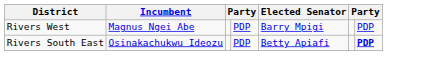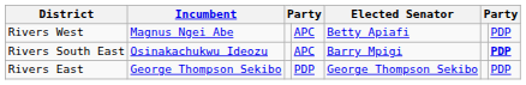 <table class="sortable wikitable" style="font-size:95%;line-height:14px;">
 <tr>
 <th class="unsortable">District</th>
 <th class="unsortable"><a href='#'>Incumbent</a></th>
 <th colspan="2">Party</th>
 <th class="unsortable">Elected Senator</th>
 <th colspan="2">Party</th>
 </tr>
 <tr>
 <td>Rivers West</td>
 <td><a href='#'>Magnus Ngei Abe</a></td>
 <td style="background:"></td>
-<td><a href='#'>PDP</a></td>
-<td><a href='#'>Barry Mpigi</a></td>
+<td><a href='#'>APC</a></td>
+<td><a href='#'>Betty Apiafi</a></td>
 <td style="background:"></td>
 <td><a href='#'>PDP</a></td>
 </tr>
 <tr>
 <td>Rivers South East</td>
 <td><a href='#'>Osinakachukwu Ideozu</a></td>
 <td style="background:"></td>
-<td><a href='#'>PDP</a></td>
-<td><a href='#'>Betty Apiafi</a></td>
+<td><a href='#'>APC</a></td>
+<td><a href='#'>Barry Mpigi</a></td>
 <td style="background:"></td>
 <td><strong><a href='#'>PDP</a></strong></td>
 </tr>
+<tr>
+<td>Rivers East</td>
+<td><a href='#'>George Thompson Sekibo</a></td>
+<td style="background:"></td>
+<td><a href='#'>PDP</a></td>
+<td><a href='#'>George Thompson Sekibo</a></td>
+<td style="background:"></td>
+<td><a href='#'>PDP</a></td>
+</tr>
 </table>
